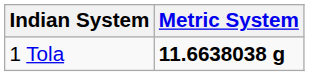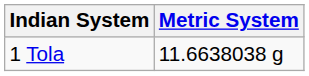 <table class="wikitable">
 <tr>
 <th>Indian System</th>
 <th><a href='#'>Metric System</a></th>
 </tr>
 <tr>
 <td>1 <a href='#'>Tola</a></td>
-<td><strong>11.6638038  g</strong></td>
+<td>11.6638038  g</td>
 </tr>
 </table>
